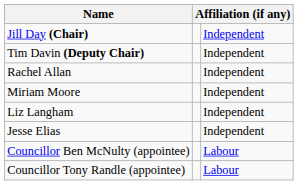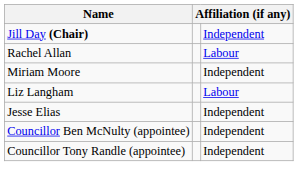 <table class="wikitable">
 <tr>
 <th>Name</th>
 <th colspan="2">Affiliation (if any)</th>
 </tr>
 <tr>
 <td><a href='#'>Jill Day</a> <strong>(Chair)</strong></td>
 <td></td>
 <td><a href='#'>Independent</a></td>
 </tr>
 <tr>
-<td>Tim Davin <strong>(Deputy Chair)</strong></td>
-<td></td>
-<td>Independent</td>
-</tr>
-<tr>
 <td>Rachel Allan</td>
 <td></td>
-<td>Independent</td>
+<td><a href='#'>Labour</a></td>
 </tr>
 <tr>
 <td>Miriam Moore</td>
 <td></td>
 <td>Independent</td>
 </tr>
 <tr>
 <td>Liz Langham</td>
 <td></td>
-<td>Independent</td>
+<td><a href='#'>Labour</a></td>
 </tr>
 <tr>
 <td>Jesse Elias</td>
 <td></td>
 <td>Independent</td>
 </tr>
 <tr>
 <td><a href='#'>Councillor</a> Ben McNulty (appointee)</td>
 <td></td>
-<td><a href='#'>Labour</a></td>
+<td>Independent</td>
 </tr>
 <tr>
 <td>Councillor Tony Randle (appointee)</td>
 <td></td>
-<td><a href='#'>Labour</a></td>
+<td>Independent</td>
 </tr>
 </table>
